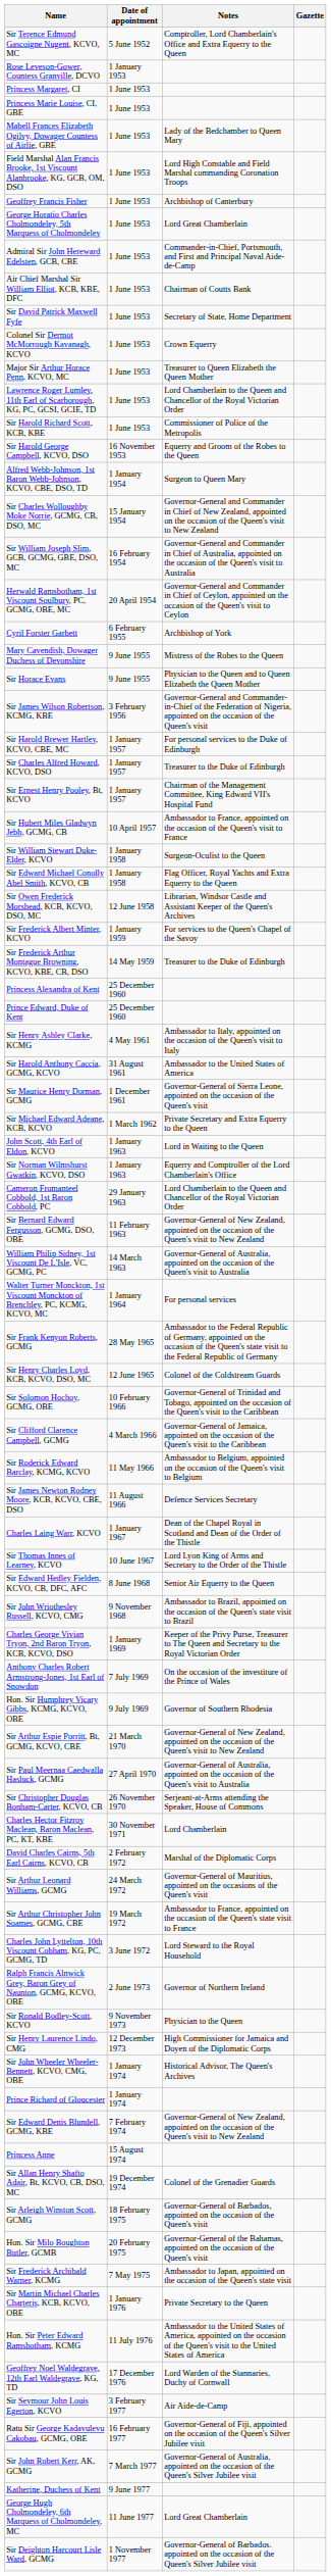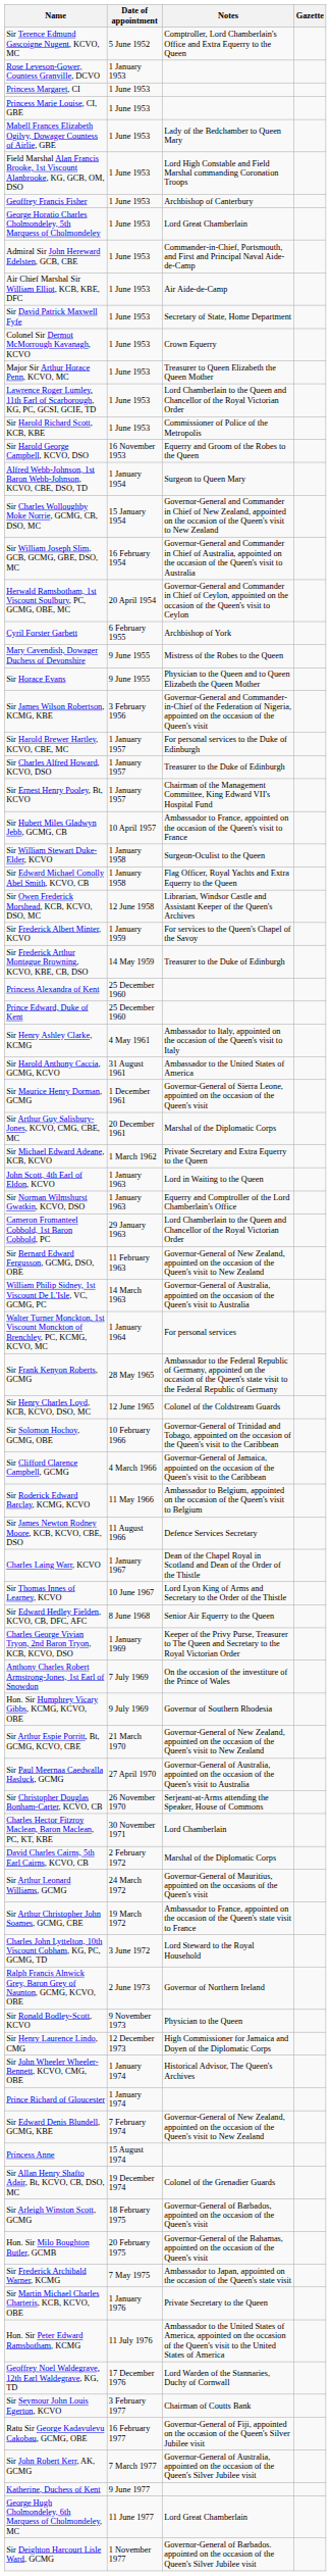 <table class="wikitable">
 <tr>
 <th>Name</th>
 <th>Date of appointment</th>
 <th>Notes</th>
 <th>Gazette</th>
 </tr>
 <tr>
 <td>Sir <a href='#'>Terence Edmund Gascoigne Nugent</a>,  KCVO, MC</td>
 <td>5 June 1952</td>
 <td>Comptroller, Lord Chamberlain's Office and Extra Equerry to the Queen</td>
 <td></td>
 </tr>
 <tr>
 <td><a href='#'>Rose Leveson-Gower, Countess Granville</a>, DCVO</td>
 <td>1 January 1953</td>
 <td></td>
 <td></td>
 </tr>
 <tr>
 <td><a href='#'>Princess Margaret</a>, CI</td>
 <td>1 June 1953</td>
 <td></td>
 <td></td>
 </tr>
 <tr>
 <td><a href='#'>Princess Marie Louise</a>, CI, GBE</td>
 <td>1 June 1953</td>
 <td></td>
 <td></td>
 </tr>
 <tr>
 <td><a href='#'>Mabell Frances Elizabeth Ogilvy, Dowager Countess of Airlie</a>, GBE</td>
 <td>1 June 1953</td>
 <td>Lady of the Bedchamber to Queen Mary</td>
 <td></td>
 </tr>
 <tr>
 <td>Field Marshal <a href='#'>Alan Francis Brooke, 1st Viscount Alanbrooke</a>, KG, GCB, OM, DSO</td>
 <td>1 June 1953</td>
 <td>Lord High Constable and Field Marshal commanding Coronation Troops</td>
 <td></td>
 </tr>
 <tr>
 <td><a href='#'>Geoffrey Francis Fisher</a></td>
 <td>1 June 1953</td>
 <td>Archbishop of Canterbury</td>
 <td></td>
 </tr>
 <tr>
 <td><a href='#'>George Horatio Charles Cholmondeley, 5th Marquess of Cholmondeley</a></td>
 <td>1 June 1953</td>
 <td>Lord Great Chamberlain</td>
 <td></td>
 </tr>
 <tr>
 <td>Admiral Sir <a href='#'>John Hereward Edelsten</a>, GCB, CBE</td>
 <td>1 June 1953</td>
 <td>Commander-in-Chief, Portsmouth, and First and Principal Naval  Aide-de-Camp</td>
 <td></td>
 </tr>
 <tr>
 <td>Air Chief Marshal Sir <a href='#'>William Elliot</a>, KCB, KBE, DFC</td>
 <td>1 June 1953</td>
-<td>Chairman of Coutts Bank</td>
+<td>Air Aide-de-Camp</td>
 <td></td>
 </tr>
 <tr>
 <td>Sir <a href='#'>David Patrick Maxwell Fyfe</a></td>
 <td>1 June 1953</td>
 <td>Secretary of State, Home Department</td>
 <td></td>
 </tr>
 <tr>
 <td>Colonel Sir <a href='#'>Dermot McMorrough Kavanagh</a>, KCVO</td>
 <td>1 June 1953</td>
 <td>Crown Equerry</td>
 <td></td>
 </tr>
 <tr>
 <td>Major Sir <a href='#'>Arthur Horace Penn</a>, KCVO, MC</td>
 <td>1 June 1953</td>
 <td>Treasurer to Queen Elizabeth the Queen Mother</td>
 <td></td>
 </tr>
 <tr>
 <td><a href='#'>Lawrence Roger Lumley, 11th Earl of Scarborough</a>, KG, PC, GCSI,  GCIE, TD</td>
 <td>1 June 1953</td>
 <td>Lord Chamberlain to the Queen and Chancellor of the Royal Victorian Order</td>
 <td></td>
 </tr>
 <tr>
 <td>Sir <a href='#'>Harold Richard Scott</a>, KCB, KBE</td>
 <td>1 June 1953</td>
 <td>Commissioner of Police of the Metropolis</td>
 <td></td>
 </tr>
 <tr>
 <td>Sir <a href='#'>Harold George Campbell</a>, KCVO, DSO</td>
 <td>16 November 1953</td>
 <td>Equerry and Groom of the Robes to the Queen</td>
 <td></td>
 </tr>
 <tr>
 <td><a href='#'>Alfred Webb-Johnson, 1st Baron Webb-Johnson</a>, KCVO, CBE, DSO,  TD</td>
 <td>1 January 1954</td>
 <td>Surgeon to Queen Mary</td>
 <td></td>
 </tr>
 <tr>
 <td>Sir <a href='#'>Charles Wolloughby Moke Norrie</a>, GCMG, CB, DSO, MC</td>
 <td>15 January 1954</td>
 <td>Governor-General and Commander in Chief of New Zealand, appointed on the  occasion of the Queen's visit to New Zealand</td>
 <td></td>
 </tr>
 <tr>
 <td>Sir <a href='#'>William Joseph Slim</a>, GCB, GCMG, GBE,  DSO, MC</td>
 <td>16 February 1954</td>
 <td>Governor-General and Commander in Chief of Australia, appointed on the  occasion of the Queen's visit to Australia</td>
 <td></td>
 </tr>
 <tr>
 <td><a href='#'>Herwald Ramsbotham, 1st Viscount Soulbury</a>, PC, GCMG, OBE, MC</td>
 <td>20 April 1954</td>
 <td>Governor-General and Commander in Chief of Ceylon, appointed on the  occasion of the Queen's visit to Ceylon</td>
 <td></td>
 </tr>
 <tr>
 <td><a href='#'>Cyril Forster Garbett</a></td>
 <td>6 February 1955</td>
 <td>Archbishop of York</td>
 <td></td>
 </tr>
 <tr>
 <td><a href='#'>Mary Cavendish, Dowager Duchess of Devonshire</a></td>
 <td>9 June 1955</td>
 <td>Mistress of the Robes to the Queen</td>
 <td></td>
 </tr>
 <tr>
 <td>Sir <a href='#'>Horace Evans</a></td>
 <td>9 June 1955</td>
 <td>Physician to the Queen and to Queen Elizabeth the Queen Mother</td>
 <td></td>
 </tr>
 <tr>
 <td>Sir <a href='#'>James Wilson Robertson</a>, KCMG, KBE</td>
 <td>3 February 1956</td>
 <td>Governor-General and Commander-in-Chief of the Federation of Nigeria, appointed on the occasion of the Queen's visit</td>
 <td></td>
 </tr>
 <tr>
 <td>Sir <a href='#'>Harold Brewer Hartley</a>, KCVO, CBE, MC</td>
 <td>1 January 1957</td>
 <td>For personal services to the Duke of Edinburgh</td>
 <td></td>
 </tr>
 <tr>
 <td>Sir <a href='#'>Charles Alfred Howard</a>, KCVO, DSO</td>
 <td>1 January 1957</td>
 <td>Treasurer to the Duke of Edinburgh</td>
 <td></td>
 </tr>
 <tr>
 <td>Sir <a href='#'>Ernest Henry Pooley</a>, Bt, KCVO</td>
 <td>1 January 1957</td>
 <td>Chairman of the Management Committee, King Edward VII's Hospital Fund</td>
 <td></td>
 </tr>
 <tr>
 <td>Sir <a href='#'>Hubert Miles Gladwyn Jebb</a>, GCMG, CB</td>
 <td>10 April 1957</td>
 <td>Ambassador to France, appointed on the occasion of the Queen's visit to France</td>
 <td></td>
 </tr>
 <tr>
 <td>Sir <a href='#'>William Stewart Duke-Elder</a>, KCVO</td>
 <td>1 January 1958</td>
 <td>Surgeon-Oculist to the Queen</td>
 <td></td>
 </tr>
 <tr>
 <td>Sir <a href='#'>Edward Michael Conolly Abel Smith</a>, KCVO, CB</td>
 <td>1 January 1958</td>
 <td>Flag Officer, Royal Yachts and Extra Equerry to the Queen</td>
 <td></td>
 </tr>
 <tr>
 <td>Sir <a href='#'>Owen Frederick Morshead</a>, KCB, KCVO,  DSO, MC</td>
 <td>12 June 1958</td>
 <td>Librarian, Windsor Castle and Assistant Keeper of the Queen's Archives</td>
 <td></td>
 </tr>
 <tr>
 <td>Sir <a href='#'>Frederick Albert Minter</a>, KCVO</td>
 <td>1 January 1959</td>
 <td>For services to the Queen's Chapel of the Savoy</td>
 <td></td>
 </tr>
 <tr>
 <td>Sir <a href='#'>Frederick Arthur Montague Browning</a>,  KCVO, KBE, CB, DSO</td>
 <td>14 May 1959</td>
 <td>Treasurer to the Duke of Edinburgh</td>
 <td></td>
 </tr>
 <tr>
 <td><a href='#'>Princess Alexandra of Kent</a></td>
 <td>25 December 1960</td>
 <td></td>
 <td></td>
 </tr>
 <tr>
 <td><a href='#'>Prince Edward, Duke of Kent</a></td>
 <td>25 December 1960</td>
 <td></td>
 <td></td>
 </tr>
 <tr>
 <td>Sir <a href='#'>Henry Ashley Clarke</a>, KCMG</td>
 <td>4 May 1961</td>
 <td>Ambassador to Italy, appointed on the occasion of the Queen's visit to Italy</td>
 <td></td>
 </tr>
 <tr>
 <td>Sir <a href='#'>Harold Anthony Caccia</a>, GCMG, KCVO</td>
 <td>31 August 1961</td>
 <td>Ambassador to the United States of America</td>
 <td></td>
 </tr>
 <tr>
 <td>Sir <a href='#'>Maurice Henry Dorman</a>, GCMG</td>
 <td>1 December 1961</td>
 <td>Governor-General of Sierra Leone, appointed on the occasion of the Queen's visit</td>
 <td></td>
 </tr>
 <tr>
+<td>Sir <a href='#'>Arthur Guy Salisbury-Jones</a>, KCVO,  CMG, CBE, MC</td>
+<td>20 December 1961</td>
+<td>Marshal of the Diplomatic Corps</td>
+<td></td>
+</tr>
+<tr>
 <td>Sir <a href='#'>Michael Edward Adeane</a>, KCB, KCVO</td>
 <td>1 March 1962</td>
 <td>Private Secretary and Extra Equerry to the Queen</td>
 <td></td>
 </tr>
 <tr>
 <td><a href='#'>John Scott, 4th Earl of Eldon</a>, KCVO</td>
 <td>1 January 1963</td>
 <td>Lord in Waiting to the Queen</td>
 <td></td>
 </tr>
 <tr>
 <td>Sir <a href='#'>Norman Wilmshurst Gwatkin</a>, KCVO, DSO</td>
 <td>1 January 1963</td>
 <td>Equerry and Comptroller of the Lord Chamberlain's Office</td>
 <td></td>
 </tr>
 <tr>
 <td><a href='#'>Cameron Fromanteel Cobbold, 1st Baron Cobbold</a>, PC</td>
 <td>29 January 1963</td>
 <td>Lord Chamberlain to the Queen and Chancellor of the Royal Victorian Order</td>
 <td></td>
 </tr>
 <tr>
 <td>Sir <a href='#'>Bernard Edward Fergusson</a>, GCMG, DSO,  OBE</td>
 <td>11 February 1963</td>
 <td>Governor-General of New Zealand, appointed on the occasion of the Queen's visit to New Zealand</td>
 <td></td>
 </tr>
 <tr>
 <td><a href='#'>William Philip Sidney, 1st Viscount De L'Isle</a>, VC, GCMG, PC</td>
 <td>14 March 1963</td>
 <td>Governor-General of Australia, appointed on the occasion of the Queen's visit to Australia</td>
 <td></td>
 </tr>
 <tr>
 <td><a href='#'>Walter Turner Monckton, 1st Viscount Monckton of Brenchley</a>, PC,  KCMG, KCVO, MC</td>
 <td>1 January 1964</td>
 <td>For personal services</td>
 <td></td>
 </tr>
 <tr>
 <td>Sir <a href='#'>Frank Kenyon Roberts</a>, GCMG</td>
 <td>28 May 1965</td>
 <td>Ambassador to the Federal Republic of Germany, appointed on the occasion of the Queen's state visit to the Federal Republic of Germany</td>
 <td></td>
 </tr>
 <tr>
 <td>Sir <a href='#'>Henry Charles Loyd</a>, KCB, KCVO, DSO,  MC</td>
 <td>12 June 1965</td>
 <td>Colonel of the Coldstream Guards</td>
 <td></td>
 </tr>
 <tr>
 <td>Sir <a href='#'>Solomon Hochoy</a>, GCMG, OBE</td>
 <td>10 February 1966</td>
 <td>Governor-General of Trinidad and Tobago, appointed on the occasion of the Queen's visit to the Caribbean</td>
 <td></td>
 </tr>
 <tr>
 <td>Sir <a href='#'>Clifford Clarence Campbell</a>, GCMG</td>
 <td>4 March 1966</td>
 <td>Governor-General of Jamaica, appointed on the occasion of the Queen's visit to the Caribbean</td>
 <td></td>
 </tr>
 <tr>
 <td>Sir <a href='#'>Roderick Edward Barclay</a>, KCMG, KCVO</td>
 <td>11 May 1966</td>
 <td>Ambassador to Belgium, appointed on the occasion of the Queen's visit to Belgium</td>
 <td></td>
 </tr>
 <tr>
 <td>Sir <a href='#'>James Newton Rodney Moore</a>, KCB, KCVO,  CBE, DSO</td>
 <td>11 August 1966</td>
 <td>Defence Services Secretary</td>
 <td></td>
 </tr>
 <tr>
 <td><a href='#'>Charles Laing Warr</a>, KCVO</td>
 <td>1 January 1967</td>
 <td>Dean of the Chapel Royal in Scotland and Dean of the Order of the Thistle</td>
 <td></td>
 </tr>
 <tr>
 <td>Sir <a href='#'>Thomas Innes of Learney</a>, KCVO</td>
 <td>10 June 1967</td>
 <td>Lord Lyon King of Arms and Secretary to the Order of the Thistle</td>
 <td></td>
 </tr>
 <tr>
 <td>Sir <a href='#'>Edward Hedley Fielden</a>, KCVO, CB, DFC,  AFC</td>
 <td>8 June 1968</td>
 <td>Senior Air Equerry to the Queen</td>
-<td></td>
-</tr>
-<tr>
-<td>Sir <a href='#'>John Wriothesley Russell</a>, KCVO, CMG</td>
-<td>9 November 1968</td>
-<td>Ambassador to Brazil, appointed on the occasion of the Queen's state visit to Brazil</td>
 <td></td>
 </tr>
 <tr>
 <td><a href='#'>Charles George Vivian Tryon, 2nd Baron Tryon</a>, KCB, KCVO, DSO</td>
 <td>1 January 1969</td>
 <td>Keeper of the Privy Purse, Treasurer to The Queen and Secretary to the Royal Victorian Order</td>
 <td></td>
 </tr>
 <tr>
 <td><a href='#'>Anthony Charles Robert Armstrong-Jones, 1st Earl of Snowdon</a></td>
 <td>7 July 1969</td>
 <td>On the occasion of the investiture of the Prince of Wales</td>
 <td></td>
 </tr>
 <tr>
 <td>Hon. Sir <a href='#'>Humphrey Vicary Gibbs</a>, KCMG,  KCVO, OBE</td>
 <td>9 July 1969</td>
 <td>Governor of Southern Rhodesia</td>
 <td></td>
 </tr>
 <tr>
 <td>Sir <a href='#'>Arthur Espie Porritt</a>, Bt, GCMG, KCVO,  CBE</td>
 <td>21 March 1970</td>
 <td>Governor-General of New Zealand, appointed on the occasion of the Queen's visit to New Zealand</td>
 <td></td>
 </tr>
 <tr>
 <td>Sir <a href='#'>Paul Meernaa Caedwalla Hasluck</a>, GCMG</td>
 <td>27 April 1970</td>
 <td>Governor-General of Australia, appointed on the occasion of the Queen's visit to Australia</td>
 <td></td>
 </tr>
 <tr>
 <td>Sir <a href='#'>Christopher Douglas Bonham-Carter</a>, KCVO, CB</td>
 <td>26 November 1970</td>
 <td>Serjeant-at-Arms attending the Speaker, House of Commons</td>
 <td></td>
 </tr>
 <tr>
 <td><a href='#'>Charles Hector Fitzroy Maclean, Baron Maclean</a>, PC, KT, KBE</td>
 <td>30 November 1971</td>
 <td>Lord Chamberlain</td>
 <td></td>
 </tr>
 <tr>
 <td><a href='#'>David Charles Cairns, 5th Earl Cairns</a>, KCVO, CB</td>
 <td>2 February 1972</td>
 <td>Marshal of the Diplomatic Corps</td>
 <td></td>
 </tr>
 <tr>
 <td>Sir <a href='#'>Arthur Leonard Williams</a>, GCMG</td>
 <td>24 March 1972</td>
 <td>Governor-General of Mauritius, appointed on the occasions of the Queen's visit</td>
 <td></td>
 </tr>
 <tr>
 <td>Sir <a href='#'>Arthur Christopher John Soames</a>, GCMG,  CBE</td>
 <td>19 March 1972</td>
 <td>Ambassador to France, appointed on the occasion of the Queen's state visit to France</td>
 <td></td>
 </tr>
 <tr>
 <td><a href='#'>Charles John Lyttelton, 10th Viscount Cobham</a>, KG, PC, GCMG, TD</td>
 <td>3 June 1972</td>
 <td>Lord Steward to the Royal Household</td>
 <td></td>
 </tr>
 <tr>
 <td><a href='#'>Ralph Francis Alnwick Grey, Baron Grey of Naunton</a>, GCMG, KCVO,  OBE</td>
 <td>2 June 1973</td>
 <td>Governor of Northern Ireland</td>
 <td></td>
 </tr>
 <tr>
 <td>Sir <a href='#'>Ronald Bodley-Scott</a>, KCVO</td>
 <td>9 November 1973</td>
 <td>Physician to the Queen</td>
 <td></td>
 </tr>
 <tr>
 <td>Sir <a href='#'>Henry Laurence Lindo</a>, CMG</td>
 <td>12 December 1973</td>
 <td>High Commissioner for Jamaica and Doyen of the Diplomatic Corps</td>
 <td></td>
 </tr>
 <tr>
 <td>Sir <a href='#'>John Wheeler Wheeler-Bennett</a>, KCVO,  CMG, OBE</td>
 <td>1 January 1974</td>
 <td>Historical Advisor, The Queen's Archives</td>
 <td></td>
 </tr>
 <tr>
 <td><a href='#'>Prince Richard of Gloucester</a></td>
 <td>1 January 1974</td>
 <td></td>
 <td></td>
 </tr>
 <tr>
 <td>Sir <a href='#'>Edward Denis Blundell</a>, GCMG, KBE</td>
 <td>7 February 1974</td>
 <td>Governor-General of New Zealand, appointed on the occasion of the Queen's visit to New Zealand</td>
 <td></td>
 </tr>
 <tr>
 <td><a href='#'>Princess Anne</a></td>
 <td>15 August 1974</td>
 <td></td>
 <td></td>
 </tr>
 <tr>
 <td>Sir <a href='#'>Allan Henry Shafto Adair</a>, Bt, KCVO,  CB, DSO, MC</td>
 <td>19 December 1974</td>
 <td>Colonel of the Grenadier Guards</td>
 <td></td>
 </tr>
 <tr>
 <td>Sir <a href='#'>Arleigh Winston Scott</a>, GCMG</td>
 <td>18 February 1975</td>
 <td>Governor-General of Barbados, appointed on the occasion of the Queen's visit</td>
 <td></td>
 </tr>
 <tr>
 <td>Hon. Sir <a href='#'>Milo Boughton Butler</a>, GCMB</td>
 <td>20 February 1975</td>
 <td>Governor-General of the Bahamas, appointed on the occasion of the Queen's visit</td>
 <td></td>
 </tr>
 <tr>
 <td>Sir <a href='#'>Frederick Archibald Warner</a>, KCMG</td>
 <td>7 May 1975</td>
 <td>Ambassador to Japan, appointed on the occasion of the Queen's state visit</td>
 <td></td>
 </tr>
 <tr>
 <td>Sir <a href='#'>Martin Michael Charles Charteris</a>,  KCB, KCVO, OBE</td>
 <td>1 January 1976</td>
 <td>Private Secretary to the Queen</td>
 <td></td>
 </tr>
 <tr>
 <td>Hon. Sir <a href='#'>Peter Edward Ramsbotham</a>, KCMG</td>
 <td>11 July 1976</td>
 <td>Ambassador to the United States of America, appointed on the occasion of the Queen's visit to the United States of America</td>
 <td></td>
 </tr>
 <tr>
 <td><a href='#'>Geoffrey Noel Waldegrave, 12th Earl Waldegrave</a>, KG, TD</td>
 <td>17 December 1976</td>
 <td>Lord Warden of the Stannaries, Duchy of Cornwall</td>
 <td></td>
 </tr>
 <tr>
 <td>Sir <a href='#'>Seymour John Louis Egerton</a>, KCVO</td>
 <td>3 February 1977</td>
-<td>Air Aide-de-Camp</td>
+<td>Chairman of Coutts Bank</td>
 <td></td>
 </tr>
 <tr>
 <td>Ratu Sir <a href='#'>George Kadavulevu Cakobau</a>, GCMG,  OBE</td>
 <td>16 February 1977</td>
 <td>Governor-General of Fiji, appointed on the occasion of the Queen's Silver Jubilee visit</td>
 <td></td>
 </tr>
 <tr>
 <td>Sir <a href='#'>John Robert Kerr</a>, AK, GCMG</td>
 <td>7 March 1977</td>
 <td>Governor-General of Australia, appointed on the occasion of the Queen's Silver Jubilee visit</td>
 <td></td>
 </tr>
 <tr>
 <td><a href='#'>Katherine, Duchess of Kent</a></td>
 <td>9 June 1977</td>
 <td></td>
 <td></td>
 </tr>
 <tr>
 <td><a href='#'>George Hugh Cholmondeley, 6th Marquess of Cholmondeley</a>, MC</td>
 <td>11 June 1977</td>
 <td>Lord Great Chamberlain</td>
 <td></td>
 </tr>
 <tr>
 <td>Sir <a href='#'>Deighton Harcourt Lisle Ward</a>, GCMG</td>
 <td>1 November 1977</td>
 <td>Governor-General of Barbados. appointed on the occasion of the Queen's Silver Jubilee visit</td>
 <td></td>
 </tr>
 </table>
